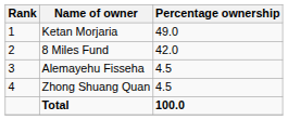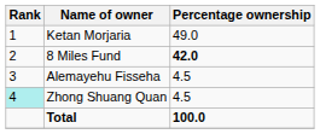 <table class="wikitable sortable" style="margin: 0.5em auto">
 <tr>
 <th>Rank</th>
 <th>Name of owner</th>
 <th>Percentage ownership</th>
 </tr>
 <tr>
 <td>1</td>
 <td>Ketan Morjaria</td>
 <td>49.0</td>
 </tr>
 <tr>
 <td>2</td>
 <td>8 Miles Fund</td>
-<td>42.0</td>
+<td><strong>42.0</strong></td>
 </tr>
 <tr>
 <td>3</td>
 <td>Alemayehu Fisseha</td>
 <td>4.5</td>
 </tr>
 <tr>
-<td>4</td>
+<td style="background: paleturquoise;">4</td>
 <td>Zhong Shuang Quan</td>
 <td>4.5</td>
 </tr>
 <tr>
 <td></td>
 <td><strong>Total</strong></td>
 <td><strong>100.0</strong></td>
 </tr>
 <tr>
 </tr>
 </table>
